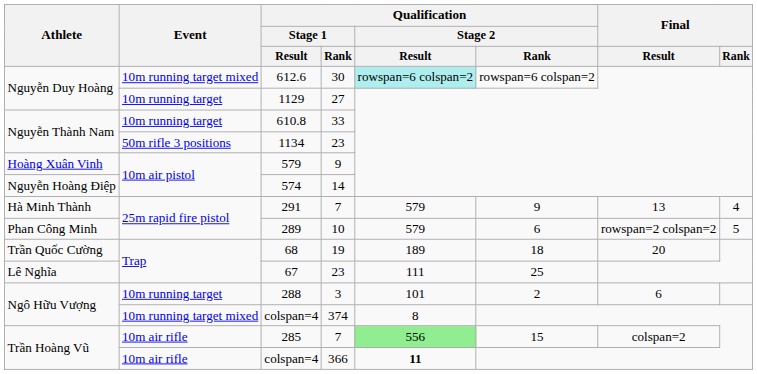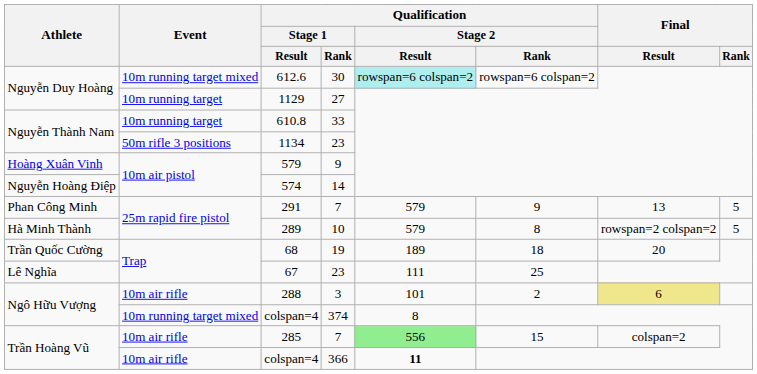 <table class=wikitable style="font-size:90%;text-align:center">
 <tr>
 <th rowspan=3>Athlete</th>
 <th rowspan=3>Event</th>
 <th colspan=4>Qualification</th>
 <th rowspan=2 colspan=2>Final</th>
 </tr>
 <tr style="font-size:95%">
 <th colspan=2>Stage 1</th>
 <th colspan=2>Stage 2</th>
 </tr>
 <tr style="font-size:90%">
 <th>Result</th>
 <th>Rank</th>
 <th>Result</th>
 <th>Rank</th>
 <th>Result</th>
 <th>Rank</th>
 </tr>
 <tr>
 <td rowspan=2 align=left>Nguyễn Duy Hoàng</td>
 <td align=left><a href='#'>10m running target mixed</a></td>
 <td>612.6</td>
 <td>30</td>
 <td style="background: paleturquoise;">rowspan=6 colspan=2</td>
 <td>rowspan=6 colspan=2</td>
 </tr>
 <tr>
 <td align=left><a href='#'>10m running target</a></td>
 <td>1129</td>
 <td>27</td>
 </tr>
 <tr>
 <td rowspan=2 align=left>Nguyễn Thành Nam</td>
 <td align=left><a href='#'>10m running target</a></td>
 <td>610.8</td>
 <td>33</td>
 </tr>
 <tr>
 <td align=left><a href='#'>50m rifle 3 positions</a></td>
 <td>1134</td>
 <td>23</td>
 </tr>
 <tr>
 <td align=left><a href='#'>Hoàng Xuân Vinh</a></td>
 <td rowspan=2 align=left><a href='#'>10m air pistol</a></td>
 <td>579</td>
 <td>9</td>
 </tr>
 <tr>
 <td align=left>Nguyễn Hoàng Điệp</td>
 <td>574</td>
 <td>14</td>
 </tr>
 <tr>
-<td align=left>Hà Minh Thành</td>
+<td align=left>Phan Công Minh</td>
 <td rowspan=2 align=left><a href='#'>25m rapid fire pistol</a></td>
 <td>291</td>
 <td>7</td>
 <td>579</td>
 <td>9 <strong></strong></td>
 <td>13</td>
-<td>4</td>
+<td>5</td>
 </tr>
 <tr>
-<td align=left>Phan Công Minh</td>
+<td align=left>Hà Minh Thành</td>
 <td>289</td>
 <td>10</td>
 <td>579</td>
-<td>6 <strong></strong></td>
+<td>8 <strong></strong></td>
 <td>rowspan=2 colspan=2</td>
 <td>5</td>
 </tr>
 <tr>
 <td align=left>Trần Quốc Cường</td>
 <td rowspan=2 align=left><a href='#'>Trap</a></td>
 <td>68</td>
 <td>19</td>
 <td>189</td>
 <td>18</td>
 <td>20</td>
 </tr>
 <tr>
 <td align=left>Lê Nghĩa</td>
 <td>67</td>
 <td>23</td>
 <td>111</td>
 <td>25</td>
 </tr>
 <tr>
 <td rowspan=2 align=left>Ngô Hữu Vượng</td>
-<td align=left><a href='#'>10m running target</a></td>
+<td align=left><a href='#'>10m air rifle</a></td>
 <td>288</td>
 <td>3</td>
 <td>101</td>
 <td>2 <strong></strong></td>
-<td>6</td>
+<td style="background: khaki;">6</td>
 <td></td>
 </tr>
 <tr>
 <td align=left><a href='#'>10m running target mixed</a></td>
 <td>colspan=4</td>
 <td>374</td>
 <td>8</td>
 </tr>
 <tr>
 <td rowspan=2 align=left>Trần Hoàng Vũ</td>
 <td align=left><a href='#'>10m air rifle</a></td>
 <td>285</td>
 <td>7</td>
 <td style="background: lightgreen;">556</td>
 <td>15</td>
 <td>colspan=2</td>
 </tr>
 <tr>
 <td align=left><a href='#'>10m air rifle</a></td>
 <td>colspan=4</td>
 <td>366</td>
 <td><strong>11</strong></td>
 </tr>
 </table>
